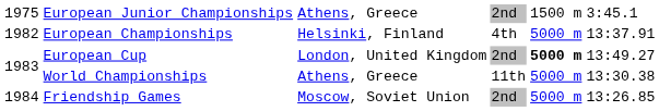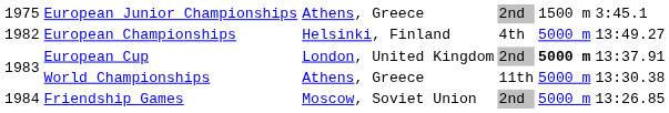 <table>
 <tr>
 <td>1975</td>
 <td><a href='#'>European Junior Championships</a></td>
 <td><a href='#'>Athens</a>, Greece</td>
 <td bgcolor=silver>2nd</td>
 <td>1500 m</td>
 <td>3:45.1</td>
 </tr>
 <tr>
 <td>1982</td>
 <td><a href='#'>European Championships</a></td>
 <td><a href='#'>Helsinki</a>, Finland</td>
 <td>4th</td>
 <td><a href='#'>5000 m</a></td>
-<td>13:37.91</td>
+<td>13:49.27</td>
 </tr>
 <tr>
 <td rowspan=2>1983</td>
 <td><a href='#'>European Cup</a></td>
 <td><a href='#'>London</a>, United Kingdom</td>
 <td bgcolor=silver>2nd</td>
 <td><strong>5000 m</strong></td>
-<td>13:49.27</td>
+<td>13:37.91</td>
 </tr>
 <tr>
 <td><a href='#'>World Championships</a></td>
 <td><a href='#'>Athens</a>, Greece</td>
 <td>11th</td>
 <td><a href='#'>5000 m</a></td>
 <td>13:30.38</td>
 </tr>
 <tr>
 <td>1984</td>
 <td><a href='#'>Friendship Games</a></td>
 <td><a href='#'>Moscow</a>, Soviet Union</td>
 <td bgcolor=silver>2nd</td>
 <td><a href='#'>5000 m</a></td>
 <td>13:26.85</td>
 </tr>
 </table>
